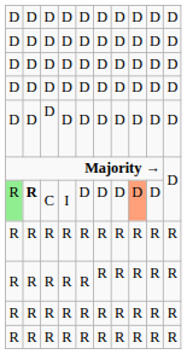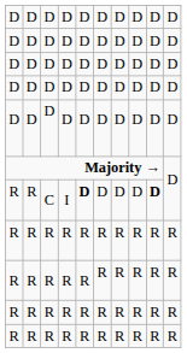 <table class="wikitable" style="text-align:center">
 <tr>
 <td>D</td>
 <td>D</td>
 <td>D</td>
 <td>D</td>
 <td>D</td>
 <td>D</td>
 <td>D</td>
 <td>D</td>
 <td>D</td>
 <td>D</td>
 </tr>
 <tr>
 <td width=10% >D</td>
 <td width=10% >D</td>
 <td width=10% >D</td>
 <td width=10% >D</td>
 <td width=10% >D</td>
 <td width=10% >D</td>
 <td width=10% >D</td>
 <td width=10% >D</td>
 <td width=10% >D</td>
 <td width=10% >D</td>
 </tr>
 <tr>
 <td>D</td>
 <td>D</td>
 <td>D</td>
 <td>D</td>
 <td>D</td>
 <td>D</td>
 <td>D</td>
 <td>D</td>
 <td>D</td>
 <td>D</td>
 </tr>
 <tr>
 <td>D</td>
 <td>D</td>
 <td>D</td>
 <td>D</td>
 <td>D</td>
 <td>D</td>
 <td>D</td>
 <td>D</td>
 <td>D</td>
 <td>D</td>
 </tr>
 <tr>
 <td>D<br><br></td>
 <td>D<br><br></td>
 <td>D<br><br><br></td>
 <td>D<br><br></td>
 <td>D<br><br></td>
 <td>D<br><br></td>
 <td>D<br><br></td>
 <td>D<br><br></td>
 <td>D<br><br></td>
 <td>D<br><br></td>
 </tr>
 <tr>
 <td colspan=9 align=right><strong>Majority →</strong></td>
 <td rowspan=2 >D<br><br></td>
 </tr>
 <tr>
-<td style="background: lightgreen;">R<br><br></td>
-<td><strong>R<br><br></strong></td>
+<td>R<br><br></td>
+<td>R<br><br></td>
 <td>C</td>
 <td>I<br></td>
+<td><strong>D<br><br></strong></td>
 <td>D<br><br></td>
 <td>D<br><br></td>
 <td>D<br><br></td>
-<td style="background: lightsalmon;">D<br><br></td>
-<td>D<br><br></td>
+<td><strong>D<br><br></strong></td>
 </tr>
 <tr>
 <td>R<br><br></td>
 <td>R<br><br></td>
 <td>R<br><br></td>
 <td>R<br><br></td>
 <td>R<br><br></td>
 <td>R<br><br></td>
 <td>R<br><br></td>
 <td>R<br><br></td>
 <td>R<br><br></td>
 <td>R<br><br></td>
 </tr>
 <tr>
 <td>R</td>
 <td>R</td>
 <td>R</td>
 <td>R</td>
 <td>R</td>
 <td>R<br><br></td>
 <td>R<br><br></td>
 <td>R<br><br></td>
 <td>R<br><br></td>
 <td>R<br><br></td>
 </tr>
 <tr>
 <td>R</td>
 <td>R</td>
 <td>R</td>
 <td>R</td>
 <td>R</td>
 <td>R</td>
 <td>R</td>
 <td>R</td>
 <td>R</td>
 <td>R</td>
 </tr>
 <tr>
 <td>R</td>
 <td>R</td>
 <td>R</td>
 <td>R</td>
 <td>R</td>
 <td>R</td>
 <td>R</td>
 <td>R</td>
 <td>R</td>
 <td>R</td>
 </tr>
 </table>
